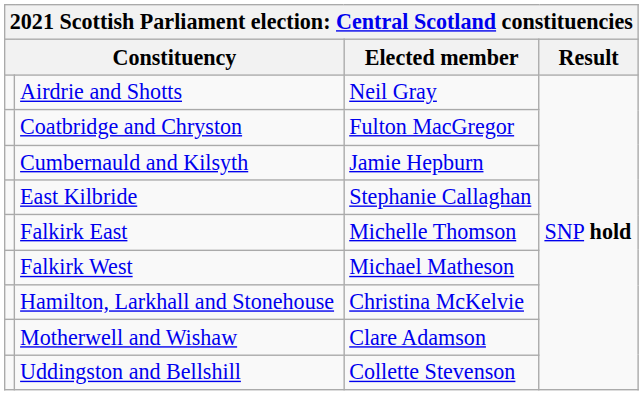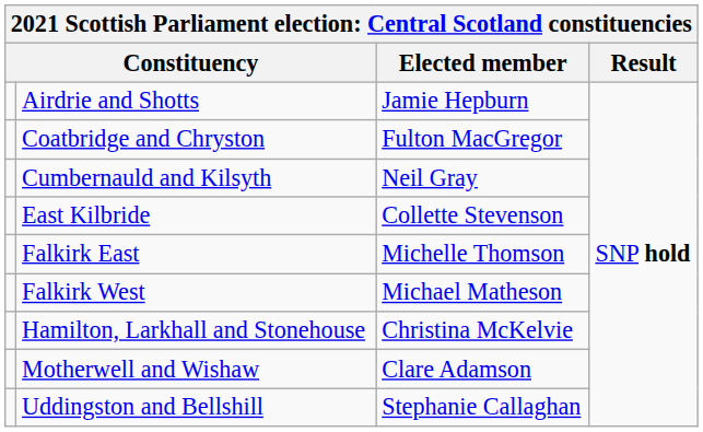 <table class="wikitable">
 <tr>
 <th colspan="4">2021 Scottish Parliament election: <a href='#'>Central Scotland</a> constituencies</th>
 </tr>
 <tr>
 <th colspan="2">Constituency</th>
 <th>Elected member</th>
 <th>Result</th>
 </tr>
 <tr>
 <td style="color:inherit;background-color: "></td>
 <td><a href='#'>Airdrie and Shotts</a></td>
-<td><a href='#'>Neil Gray</a></td>
+<td><a href='#'>Jamie Hepburn</a></td>
 <td rowspan="9"><a href='#'>SNP</a> <strong>hold</strong></td>
 </tr>
 <tr>
 <td style="color:inherit;background-color: "></td>
 <td><a href='#'>Coatbridge and Chryston</a></td>
 <td><a href='#'>Fulton MacGregor</a></td>
 </tr>
 <tr>
 <td style="color:inherit;background-color: "></td>
 <td><a href='#'>Cumbernauld and Kilsyth</a></td>
-<td><a href='#'>Jamie Hepburn</a></td>
+<td><a href='#'>Neil Gray</a></td>
 </tr>
 <tr>
 <td style="color:inherit;background-color: "></td>
 <td><a href='#'>East Kilbride</a></td>
-<td><a href='#'>Stephanie Callaghan</a></td>
+<td><a href='#'>Collette Stevenson</a></td>
 </tr>
 <tr>
 <td style="color:inherit;background-color: "></td>
 <td><a href='#'>Falkirk East</a></td>
 <td><a href='#'>Michelle Thomson</a></td>
 </tr>
 <tr>
 <td style="color:inherit;background-color: "></td>
 <td><a href='#'>Falkirk West</a></td>
 <td><a href='#'>Michael Matheson</a></td>
 </tr>
 <tr>
 <td style="color:inherit;background-color: "></td>
 <td><a href='#'>Hamilton, Larkhall and Stonehouse</a></td>
 <td><a href='#'>Christina McKelvie</a></td>
 </tr>
 <tr>
 <td style="color:inherit;background-color: "></td>
 <td><a href='#'>Motherwell and Wishaw</a></td>
 <td><a href='#'>Clare Adamson</a></td>
 </tr>
 <tr>
 <td style="color:inherit;background-color: "></td>
 <td><a href='#'>Uddingston and Bellshill</a></td>
-<td><a href='#'>Collette Stevenson</a></td>
+<td><a href='#'>Stephanie Callaghan</a></td>
 </tr>
 </table>
